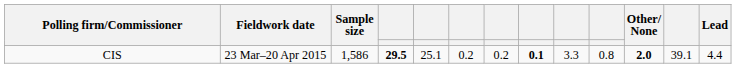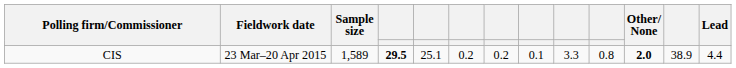 <table class="wikitable collapsible collapsed" style="text-align:center; font-size:90%; line-height:14px;">
 <tr style="height:42px;">
 <th style="width:250px;" rowspan="2">Polling firm/Commissioner</th>
 <th style="width:125px;" rowspan="2">Fieldwork date</th>
 <th style="width:50px;" rowspan="2">Sample size</th>
 <th style="width:35px;"></th>
 <th style="width:35px;"></th>
 <th style="width:35px;"></th>
 <th style="width:35px;"></th>
 <th style="width:35px;"></th>
 <th style="width:35px;"></th>
 <th style="width:35px;"></th>
 <th style="width:35px;" rowspan="2">Other/<br>None</th>
 <th style="width:35px;" rowspan="2"></th>
 <th style="width:30px;" rowspan="2">Lead</th>
 </tr>
 <tr>
 <th style="color:inherit;background:"></th>
 <th style="color:inherit;background:"></th>
 <th style="color:inherit;background:"></th>
 <th style="color:inherit;background:"></th>
 <th style="color:inherit;background:"></th>
 <th style="color:inherit;background:"></th>
 <th style="color:inherit;background:"></th>
 </tr>
 <tr>
 <td>CIS</td>
 <td>23 Mar–20 Apr 2015</td>
-<td>1,586</td>
+<td>1,589</td>
 <td><strong>29.5</strong></td>
 <td>25.1</td>
 <td>0.2</td>
 <td>0.2</td>
-<td><strong>0.1</strong></td>
+<td>0.1</td>
 <td>3.3</td>
 <td>0.8</td>
 <td><strong>2.0</strong></td>
-<td>39.1</td>
+<td>38.9</td>
 <td style="background:">4.4</td>
 </tr>
 </table>
